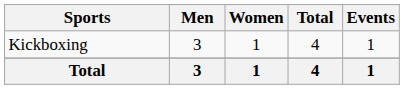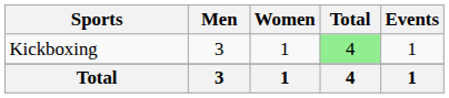 <table class="wikitable sortable" style="text-align:center;">
 <tr>
 <th width=150>Sports</th>
 <th width=45>Men</th>
 <th width=45>Women</th>
 <th width=45>Total</th>
 <th width=45>Events</th>
 </tr>
 <tr>
 <td align=left>Kickboxing</td>
 <td>3</td>
 <td>1</td>
-<td>4</td>
+<td style="background: lightgreen;">4</td>
 <td>1</td>
 </tr>
 <tr>
 </tr>
 <tr class="sortbottom">
 <th>Total</th>
 <th>3</th>
 <th>1</th>
 <th>4</th>
 <th>1</th>
 </tr>
 </table>
